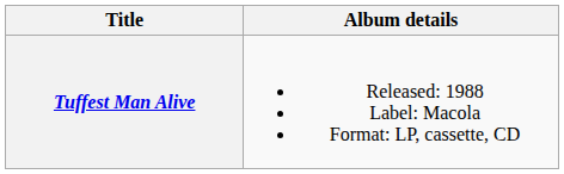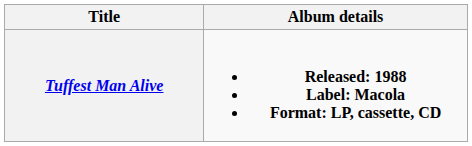 <table class="wikitable plainrowheaders" style="text-align:center;">
 <tr>
 <th scope="col" rowspan="1" style="width:12em;">Title</th>
 <th scope="col" rowspan="1" style="width:16em;">Album details</th>
 </tr>
 <tr>
 <th scope="row"><em><a href='#'>Tuffest Man Alive</a></em></th>
-<td><br><ul><li>Released: 1988</li><li>Label: Macola</li><li>Format: LP, cassette, CD</li></ul></td>
+<td><strong><br><ul><li>Released: 1988</li><li>Label: Macola</li><li>Format: LP, cassette, CD</li></ul></strong></td>
 </tr>
 <tr>
 </tr>
 </table>
